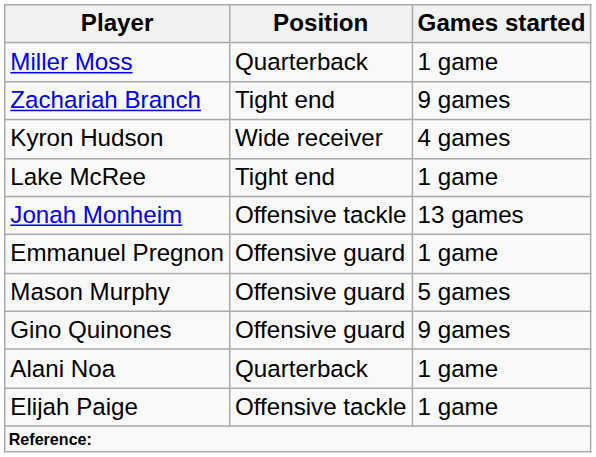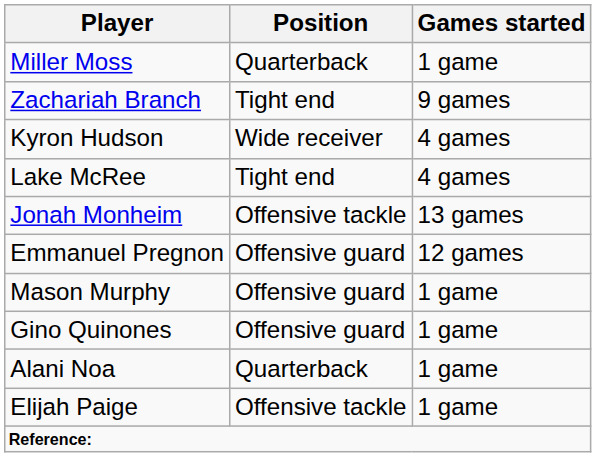 <table class="wikitable">
 <tr>
 <th style="text-align:center; ">Player</th>
 <th style="text-align:center; ">Position</th>
 <th style="text-align:center; ">Games started</th>
 </tr>
 <tr>
 <td><a href='#'>Miller Moss</a></td>
 <td>Quarterback</td>
 <td>1 game</td>
 </tr>
 <tr>
 <td><a href='#'>Zachariah Branch</a></td>
 <td>Tight end</td>
 <td>9 games</td>
 </tr>
 <tr>
 <td>Kyron Hudson</td>
 <td>Wide receiver</td>
 <td>4 games</td>
 </tr>
 <tr>
 <td>Lake McRee</td>
 <td>Tight end</td>
-<td>1 game</td>
+<td>4 games</td>
 </tr>
 <tr>
 <td><a href='#'>Jonah Monheim</a></td>
 <td>Offensive tackle</td>
 <td>13 games</td>
 </tr>
 <tr>
 <td>Emmanuel Pregnon</td>
 <td>Offensive guard</td>
-<td>1 game</td>
+<td>12 games</td>
 </tr>
 <tr>
 <td>Mason Murphy</td>
 <td>Offensive guard</td>
-<td>5 games</td>
+<td>1 game</td>
 </tr>
 <tr>
 <td>Gino Quinones</td>
 <td>Offensive guard</td>
-<td>9 games</td>
+<td>1 game</td>
 </tr>
 <tr>
 <td>Alani Noa</td>
 <td>Quarterback</td>
 <td>1 game</td>
 </tr>
 <tr>
 <td>Elijah Paige</td>
 <td>Offensive tackle</td>
 <td>1 game</td>
 </tr>
 <tr>
 <td colspan="4"  style="font-size:8pt; text-align:left;"><strong>Reference:</strong></td>
 </tr>
 </table>
